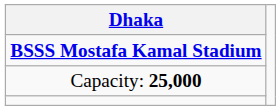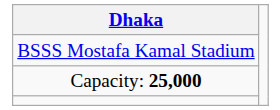 <table class="wikitable" style="text-align:center;margin:1em auto;">
 <tr>
 <th><a href='#'>Dhaka</a></th>
 <td rowspan="4"></td>
 </tr>
 <tr>
-<td><strong><a href='#'>BSSS Mostafa Kamal Stadium</a></strong></td>
+<td><a href='#'>BSSS Mostafa Kamal Stadium</a></td>
 </tr>
 <tr>
 <td>Capacity: <strong>25,000</strong></td>
 </tr>
 <tr>
 <td></td>
 </tr>
 </table>
